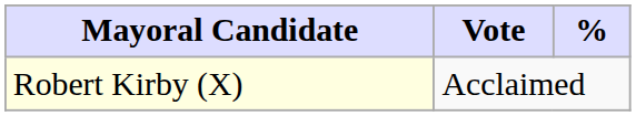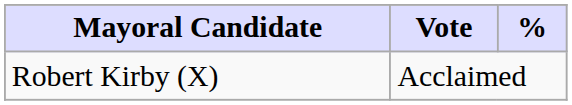 <table class="wikitable">
 <tr>
 <th style="background:#ddf; width:200px;">Mayoral Candidate </th>
 <th style="background:#ddf; width:50px;">Vote</th>
 <th style="background:#ddf; width:30px;">%</th>
 </tr>
 <tr>
-<td style="background: lightyellow;">Robert Kirby (X)</td>
+<td>Robert Kirby (X)</td>
 <td colspan="2">Acclaimed</td>
 </tr>
 </table>
